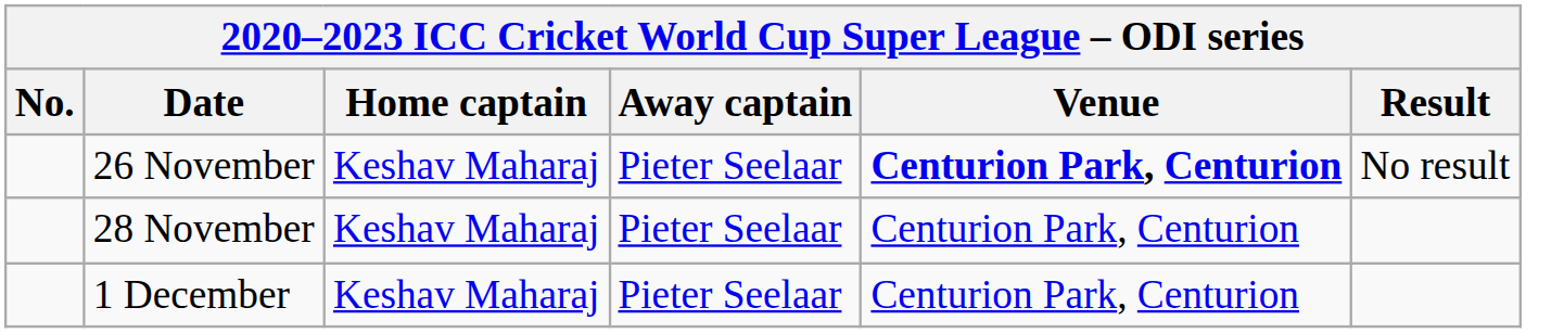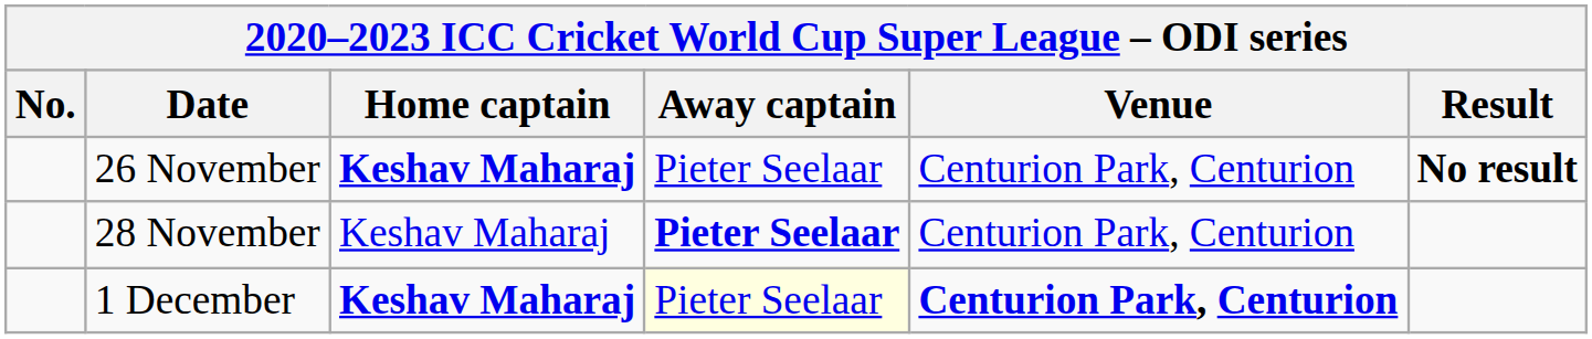 <table class="wikitable">
 <tr>
 <th colspan="9"><a href='#'>2020–2023 ICC Cricket World Cup Super League</a> – ODI series</th>
 </tr>
 <tr>
 <th>No.</th>
 <th>Date</th>
 <th>Home captain</th>
 <th>Away captain</th>
 <th>Venue</th>
 <th>Result</th>
 </tr>
 <tr>
 <td></td>
 <td>26 November</td>
-<td><a href='#'>Keshav Maharaj</a></td>
+<td><strong><a href='#'>Keshav Maharaj</a></strong></td>
 <td><a href='#'>Pieter Seelaar</a></td>
-<td><strong><a href='#'>Centurion Park</a>, <a href='#'>Centurion</a></strong></td>
-<td>No result</td>
+<td><a href='#'>Centurion Park</a>, <a href='#'>Centurion</a></td>
+<td><strong>No result</strong></td>
 </tr>
 <tr>
 <td></td>
 <td>28 November</td>
 <td><a href='#'>Keshav Maharaj</a></td>
-<td><a href='#'>Pieter Seelaar</a></td>
+<td><strong><a href='#'>Pieter Seelaar</a></strong></td>
 <td><a href='#'>Centurion Park</a>, <a href='#'>Centurion</a></td>
 <td></td>
 </tr>
 <tr>
 <td></td>
 <td>1 December</td>
-<td><a href='#'>Keshav Maharaj</a></td>
-<td><a href='#'>Pieter Seelaar</a></td>
-<td><a href='#'>Centurion Park</a>, <a href='#'>Centurion</a></td>
+<td><strong><a href='#'>Keshav Maharaj</a></strong></td>
+<td style="background: lightyellow;"><a href='#'>Pieter Seelaar</a></td>
+<td><strong><a href='#'>Centurion Park</a>, <a href='#'>Centurion</a></strong></td>
 <td></td>
 </tr>
 </table>
